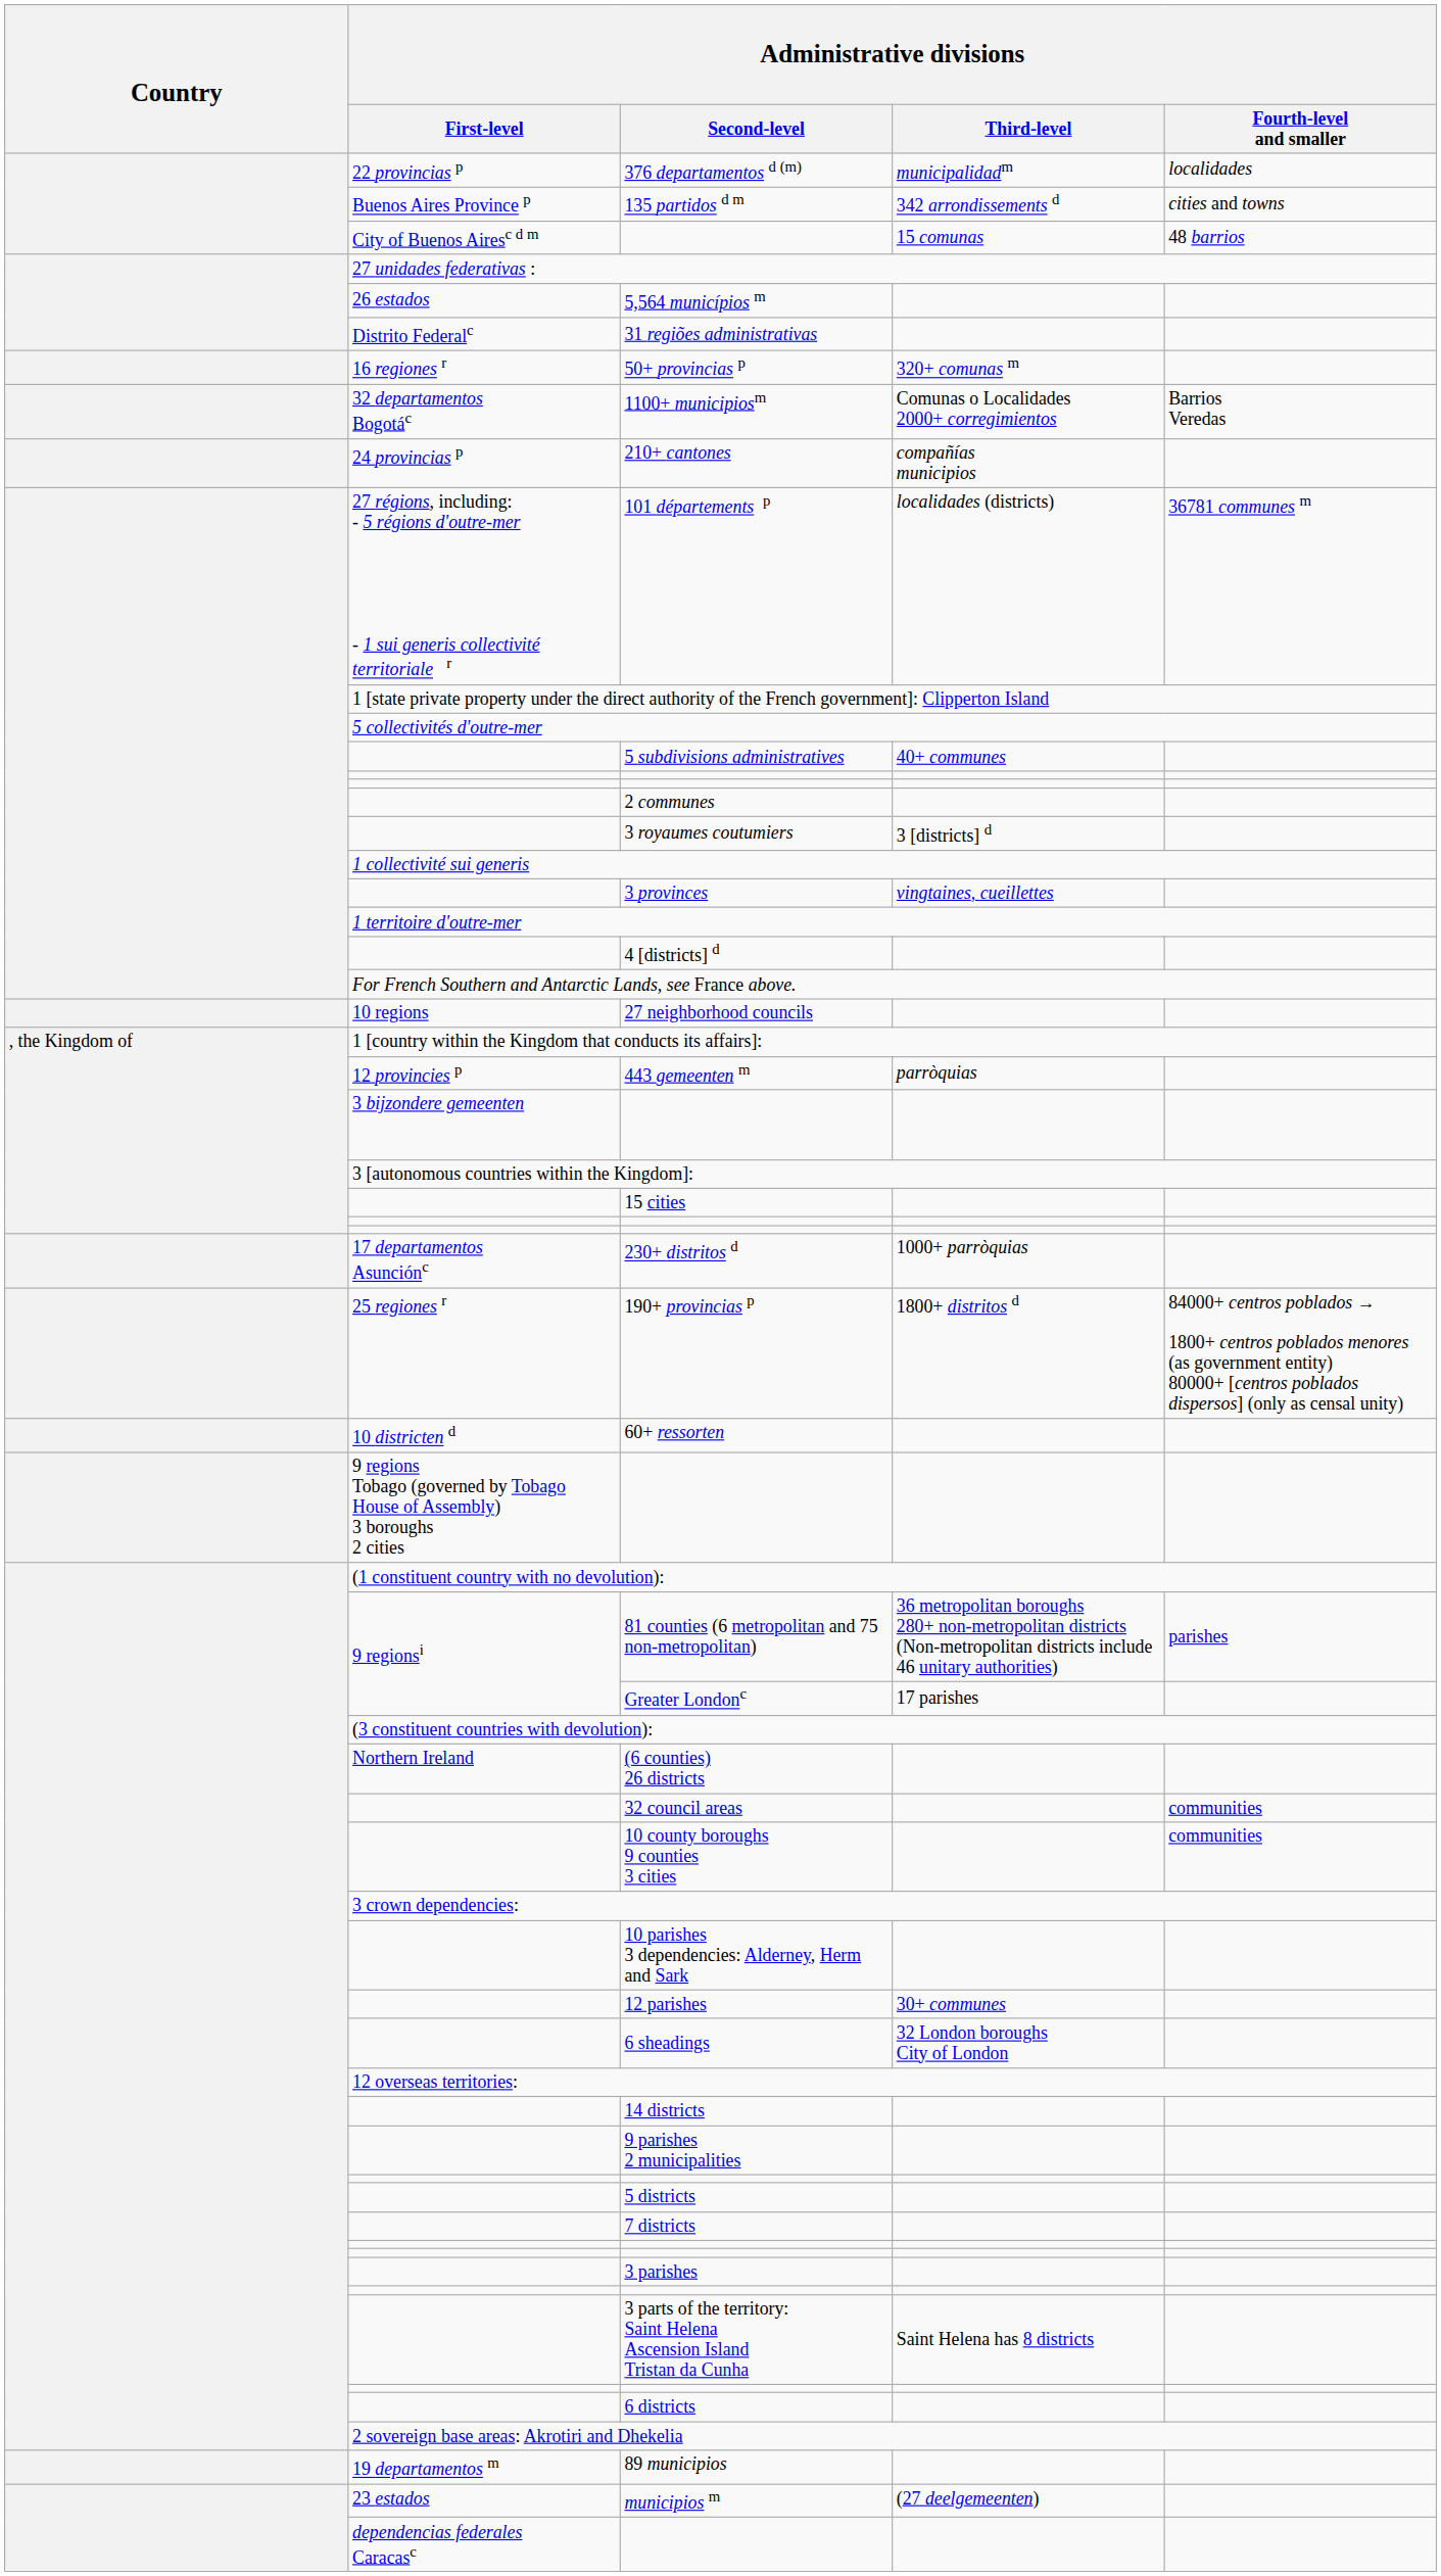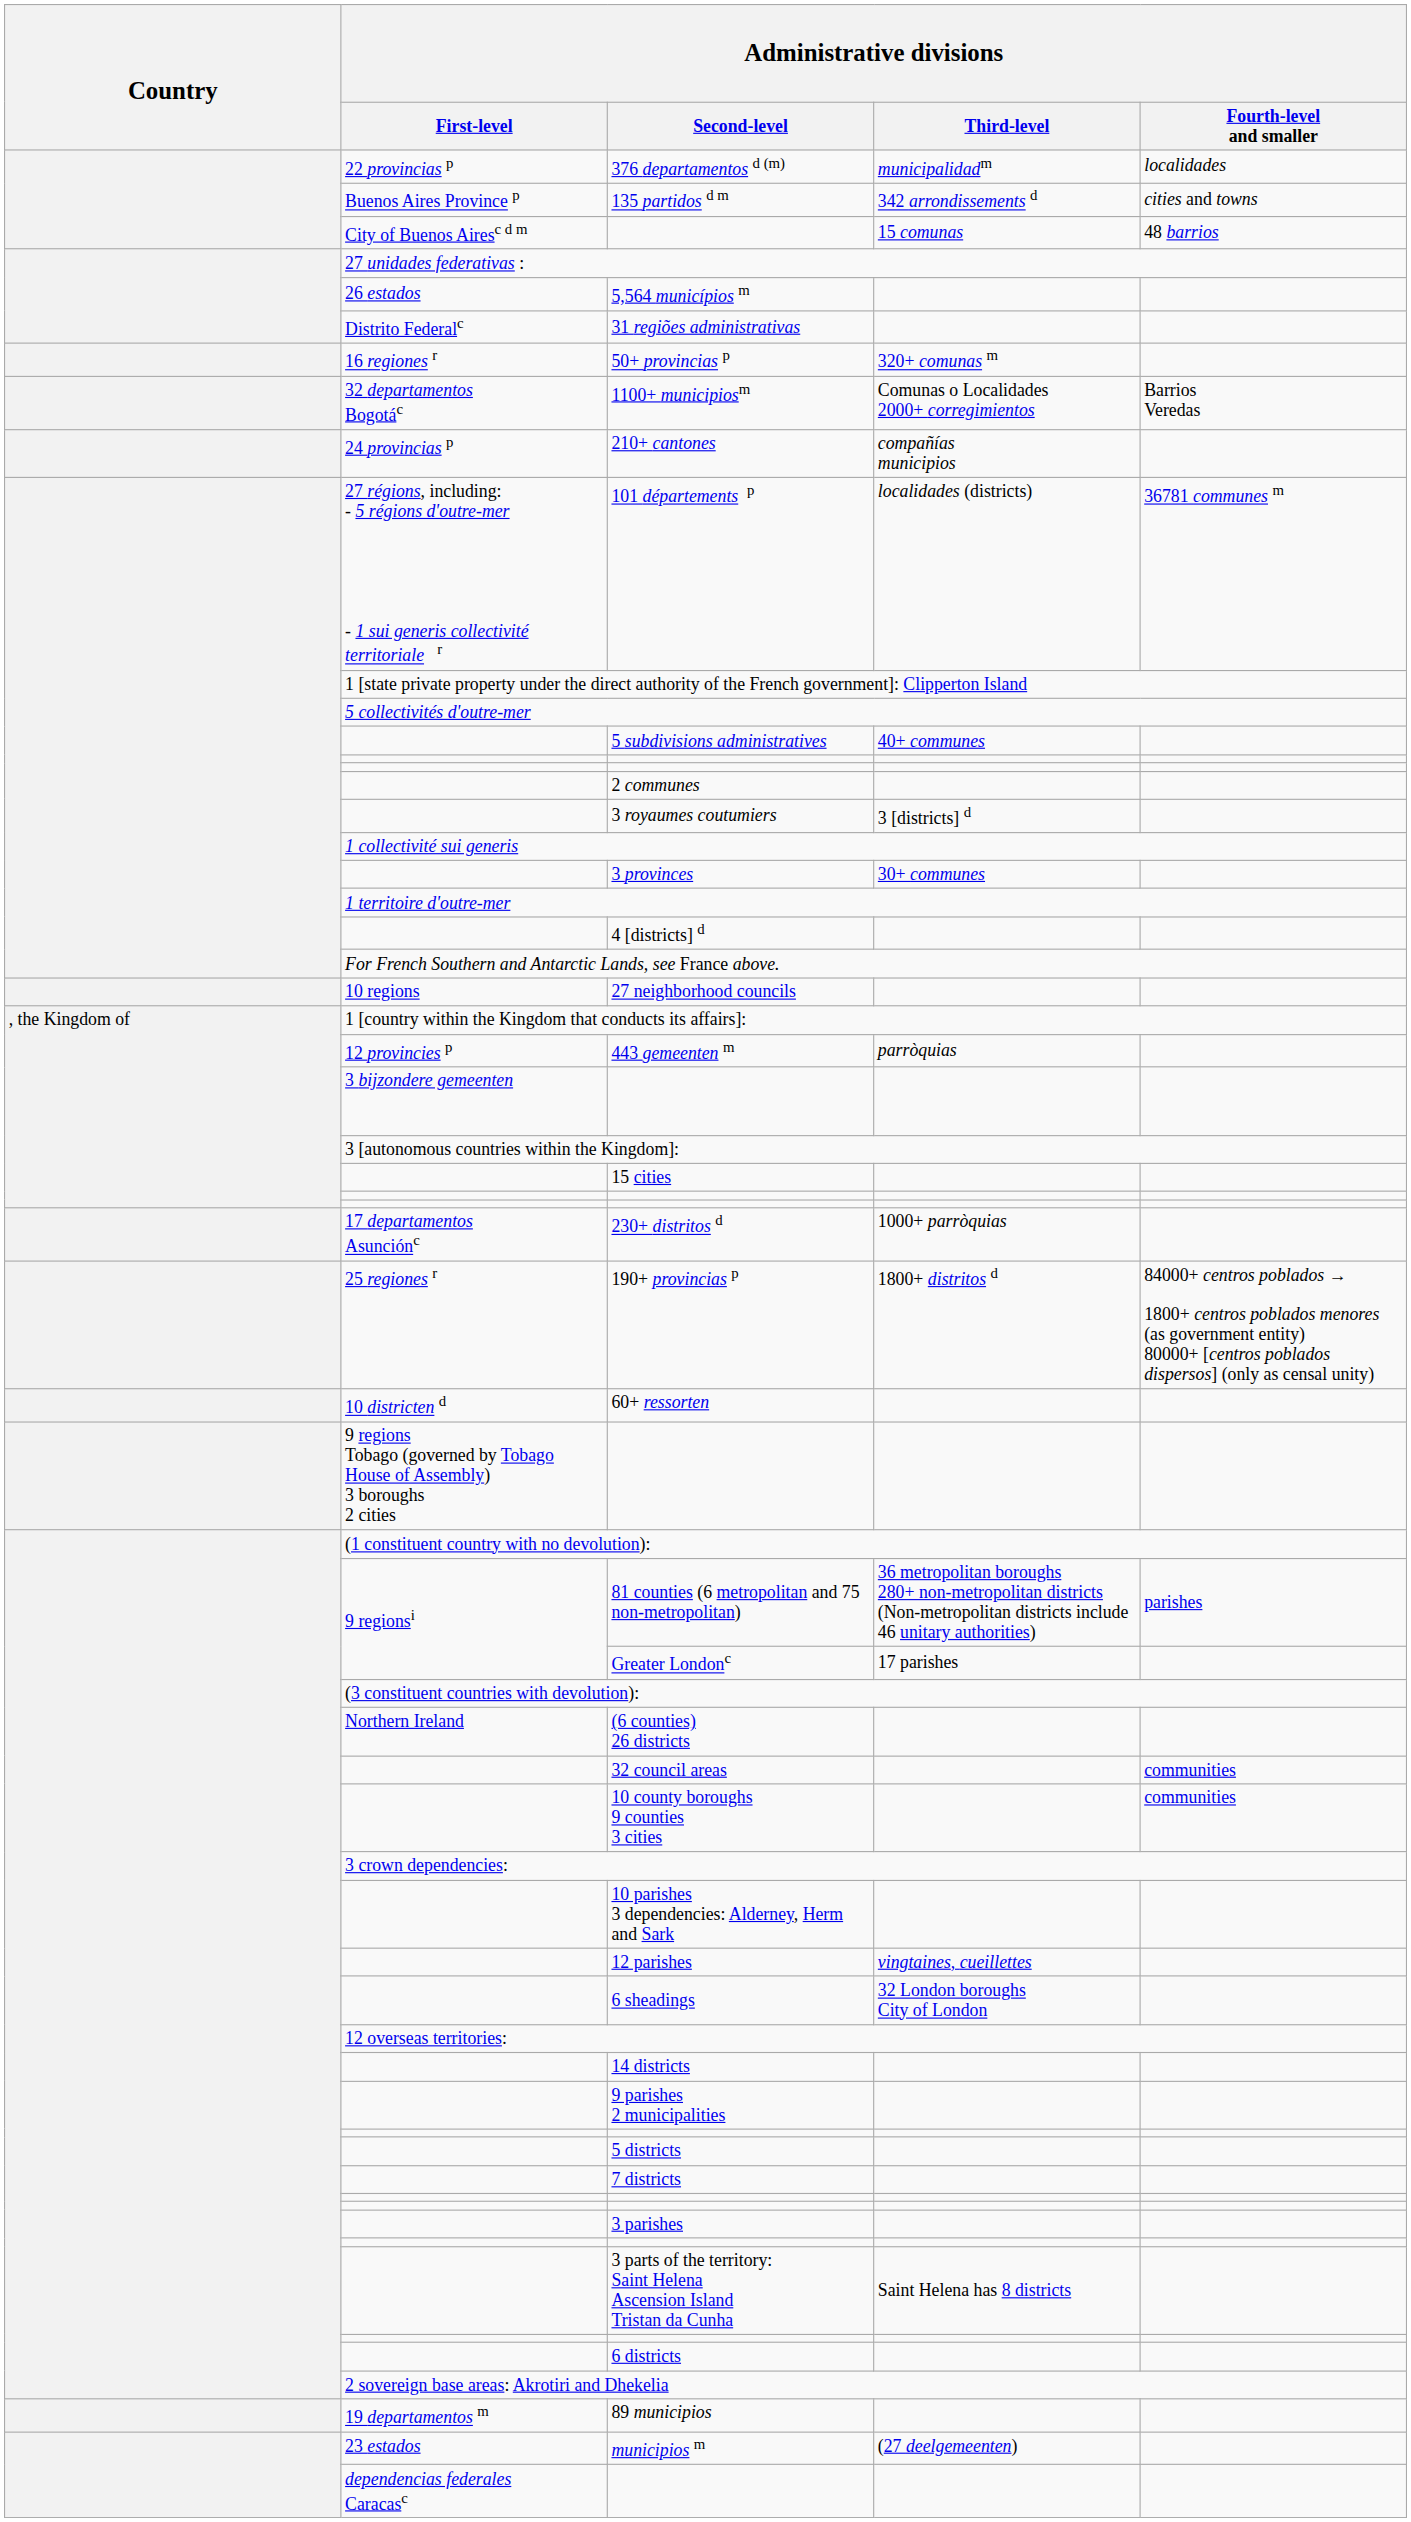 <table style="width:100%;" class="wikitable">
 <tr>
 <th rowspan="2" style="width:24%; font-size:140%;"><br>Country</th>
 <th colspan="4" style="font-size:140%;"><br>Administrative divisions<br> </th>
 </tr>
 <tr>
 <th style="width:19%;"><a href='#'>First-level</a></th>
 <th style="width:19%;"><a href='#'>Second-level</a></th>
 <th style="width:19%;"><a href='#'>Third-level</a></th>
 <th style="width:19%;"><a href='#'>Fourth-level</a><br>and smaller</th>
 </tr>
 <tr valign= "top">
 <td rowspan="3" style="background:#f2f2f2;"></td>
 <td><a href='#'>22 <em>provincias</em></a> <sup>p</sup></td>
 <td><a href='#'>376 <em>departamentos</em></a> <sup>d (m)</sup></td>
 <td><a href='#'><em>municipalidad</em></a><sup>m</sup></td>
 <td><em>localidades</em></td>
 </tr>
 <tr>
 <td><a href='#'>Buenos Aires Province</a> <sup>p</sup></td>
 <td><a href='#'>135 <em>partidos</em></a> <sup>d m</sup></td>
 <td><a href='#'>342 <em>arrondissements</em></a> <sup>d</sup><br></td>
 <td><em>cities</em> and <em>towns</em></td>
 </tr>
 <tr>
 <td><a href='#'>City of Buenos Aires</a><sup>c d m</sup></td>
 <td></td>
 <td><a href='#'>15 <em>comunas</em></a> </td>
 <td>48 <em><a href='#'>barrios</a></em> </td>
 </tr>
 <tr valign="top">
 <td rowspan="3" style="background:#f2f2f2;"></td>
 <td colspan= "4"><a href='#'>27 <em>unidades federativas</em></a> :</td>
 </tr>
 <tr>
 <td><a href='#'>26 <em>estados</em></a> </td>
 <td><a href='#'>5,564 <em>municípios</em></a> <sup>m</sup></td>
 <td></td>
 <td></td>
 </tr>
 <tr>
 <td><a href='#'>Distrito Federal</a><sup>c</sup></td>
 <td><a href='#'>31 <em>regiões administrativas</em></a> </td>
 <td></td>
 <td></td>
 </tr>
 <tr valign= "top">
 <td style="background:#f2f2f2;"></td>
 <td><a href='#'>16 <em>regiones</em></a> <sup>r</sup></td>
 <td><a href='#'>50+ <em>provincias</em></a> <sup>p</sup></td>
 <td><a href='#'>320+ <em>comunas</em></a> <sup>m</sup></td>
 <td></td>
 </tr>
 <tr valign="top">
 <td style= "background:#f2f2f2;"></td>
 <td><a href='#'>32 <em>departamentos</em></a> <br><a href='#'>Bogotá</a><sup>c</sup></td>
 <td><a href='#'>1100+ <em>municipios</em></a><sup>m</sup></td>
 <td>Comunas o Localidades <br><a href='#'>2000+ <em>corregimientos</em></a></td>
 <td>Barrios <br>Veredas</td>
 </tr>
 <tr valign="top">
 <td style= "background:#f2f2f2;"></td>
 <td><a href='#'>24 <em>provincias</em></a> <sup>p</sup></td>
 <td><a href='#'>210+ <em>cantones</em></a> </td>
 <td><em>compañías</em><br><em>municipios</em></td>
 <td></td>
 </tr>
 <tr valign= "top">
 <td rowspan="13" style="background:#f2f2f2;"></td>
 <td><a href='#'>27 <em>régions</em></a>, including:<br>- <em><a href='#'>5 régions d'outre-mer</a></em><br> <br> <br> <br> <br> <br> - <em><a href='#'>1 sui generis collectivité territoriale</a></em>   <sup>r</sup><br></td>
 <td><a href='#'>101 <em>départements</em></a>  <sup>p</sup><br></td>
 <td><em>localidades</em> (districts)</td>
 <td><a href='#'>36781 <em>communes</em></a> <sup>m</sup><br></td>
 </tr>
 <tr>
 <td colspan= "4">1 [state private property under the direct authority of the French government]: <a href='#'>Clipperton Island</a></td>
 </tr>
 <tr>
 <td colspan= "4"><em><a href='#'>5 collectivités d'outre-mer</a></em></td>
 </tr>
 <tr>
 <td></td>
 <td><a href='#'>5 <em>subdivisions administratives</em></a></td>
 <td><a href='#'>40+ <em>communes</em></a></td>
 <td></td>
 </tr>
 <tr>
 <td></td>
 <td></td>
 <td></td>
 <td></td>
 </tr>
 <tr>
 <td></td>
 <td></td>
 <td></td>
 <td></td>
 </tr>
 <tr>
 <td></td>
 <td>2 <em>communes</em></td>
 <td></td>
 <td></td>
 </tr>
 <tr>
 <td></td>
 <td>3 <em>royaumes coutumiers</em> </td>
 <td>3 [districts] <sup>d</sup></td>
 <td></td>
 </tr>
 <tr>
 <td colspan= "4"><em><a href='#'>1 collectivité sui generis</a></em></td>
 </tr>
 <tr>
 <td></td>
 <td><a href='#'>3 <em>provinces</em></a></td>
-<td><a href='#'><em>vingtaines</em>, <em>cueillettes</em></a></td>
+<td><a href='#'>30+ <em>communes</em></a></td>
 <td></td>
 </tr>
 <tr>
 <td colspan= "4"><em><a href='#'>1 territoire d'outre-mer</a></em></td>
 </tr>
 <tr>
 <td></td>
 <td>4 [districts] <sup>d</sup></td>
 <td></td>
 <td></td>
 </tr>
 <tr valign= "top">
 <td colspan="4"><em>For French Southern and Antarctic Lands, see </em>France<em> above.</em></td>
 </tr>
 <tr valign= "top">
 <td style="background:#f2f2f2;"></td>
 <td><a href='#'>10 regions</a></td>
 <td><a href='#'>27 neighborhood councils</a></td>
 <td></td>
 <td></td>
 </tr>
 <tr valign="top">
 <td rowspan="7" style="background:#f2f2f2;">, the Kingdom of</td>
 <td colspan= "4">1 [country within the Kingdom that conducts its affairs]:<br></td>
 </tr>
 <tr>
 <td><a href='#'>12 <em>provincies</em></a> <sup>p</sup></td>
 <td><a href='#'>443 <em>gemeenten</em></a> <sup>m</sup></td>
 <td><em>parròquias</em></td>
 <td></td>
 </tr>
 <tr>
 <td><a href='#'>3 <em>bijzondere gemeenten</em></a><br> <br> <br> </td>
 <td></td>
 <td></td>
 <td></td>
 </tr>
 <tr>
 <td colspan= "4">3 [autonomous countries within the Kingdom]:</td>
 </tr>
 <tr>
 <td></td>
 <td>15 <a href='#'>cities</a></td>
 <td></td>
 <td></td>
 </tr>
 <tr>
 <td></td>
 <td></td>
 <td></td>
 <td></td>
 </tr>
 <tr>
 <td></td>
 <td></td>
 <td></td>
 <td></td>
 </tr>
 <tr valign="top">
 <td style= "background:#f2f2f2;"></td>
 <td><a href='#'>17 <em>departamentos</em></a> <br><a href='#'>Asunción</a><sup>c</sup></td>
 <td><a href='#'>230+ <em>distritos</em></a> <sup>d</sup></td>
 <td>1000+ <em>parròquias</em></td>
 <td></td>
 </tr>
 <tr valign= "top">
 <td style="background:#f2f2f2;"></td>
 <td><a href='#'>25 <em>regiones</em></a> <sup>r</sup></td>
 <td>190+ <em><a href='#'>provincias</a></em> <sup>p</sup></td>
 <td>1800+ <em><a href='#'>distritos</a></em> <sup>d</sup></td>
 <td>84000+ <em>centros poblados</em> →<br><br>1800+ <em>centros poblados menores</em> (as government entity)<br>80000+ [<em>centros poblados dispersos</em>] (only as censal unity)</td>
 </tr>
 <tr valign="top">
 <td style= "background:#f2f2f2;"></td>
 <td><a href='#'>10 <em>districten</em></a> <sup>d</sup></td>
 <td>60+ <em><a href='#'>ressorten</a></em> </td>
 <td></td>
 <td></td>
 </tr>
 <tr valign= "top">
 <td style="background:#f2f2f2;"></td>
 <td>9 <a href='#'>regions</a><br>Tobago (governed by <a href='#'>Tobago House of Assembly</a>)<br>3 boroughs<br>2 cities</td>
 <td></td>
 <td></td>
 <td></td>
 </tr>
 <tr valign= "top">
 <td rowspan="25" style="background:#f2f2f2;"></td>
 <td colspan= "4">(<a href='#'>1 constituent country with no devolution</a>):<br></td>
 </tr>
 <tr>
 <td rowspan="2"><a href='#'>9 regions</a><sup>i</sup></td>
 <td><a href='#'>81 counties</a> (6 <a href='#'>metropolitan</a> and 75 <a href='#'>non-metropolitan</a>)</td>
 <td><a href='#'>36 metropolitan boroughs</a><br><a href='#'>280+ non-metropolitan districts</a><br>(Non-metropolitan districts include 46 <a href='#'>unitary authorities</a>)</td>
 <td><a href='#'>parishes</a></td>
 </tr>
 <tr>
 <td><a href='#'>Greater London</a><sup>c</sup></td>
 <td>17 parishes</td>
 <td></td>
 </tr>
 <tr>
 <td colspan= "4">(<a href='#'>3 constituent countries with devolution</a>):</td>
 </tr>
 <tr valign="top">
 <td> <a href='#'>Northern Ireland</a></td>
 <td><a href='#'>(6 counties)</a><br><a href='#'>26 districts</a></td>
 <td></td>
 <td></td>
 </tr>
 <tr valign= "top">
 <td></td>
 <td><a href='#'>32 council areas</a></td>
 <td></td>
 <td><a href='#'>communities</a></td>
 </tr>
 <tr valign="top">
 <td></td>
 <td><a href='#'>10 county boroughs<br>9 counties<br>3 cities</a></td>
 <td></td>
 <td><a href='#'>communities</a></td>
 </tr>
 <tr>
 <td colspan= "4"><a href='#'>3 crown dependencies</a>:</td>
 </tr>
 <tr>
 <td></td>
 <td><a href='#'>10 parishes</a><br>3 dependencies: <a href='#'>Alderney</a>, <a href='#'>Herm</a> and <a href='#'>Sark</a></td>
 <td></td>
 <td></td>
 </tr>
 <tr>
 <td></td>
 <td><a href='#'>12 parishes</a></td>
-<td><a href='#'>30+ <em>communes</em></a></td>
+<td><a href='#'><em>vingtaines</em>, <em>cueillettes</em></a></td>
 <td></td>
 </tr>
 <tr>
 <td></td>
 <td><a href='#'>6 sheadings</a></td>
 <td><a href='#'>32 London boroughs</a><br><a href='#'>City of London</a></td>
 <td></td>
 </tr>
 <tr>
 <td colspan= "4"><a href='#'>12 overseas territories</a>:</td>
 </tr>
 <tr>
 <td></td>
 <td><a href='#'>14 districts</a></td>
 <td></td>
 <td></td>
 </tr>
 <tr>
 <td></td>
 <td><a href='#'>9 parishes<br>2 municipalities</a></td>
 <td></td>
 <td></td>
 </tr>
 <tr>
 <td></td>
 <td></td>
 <td></td>
 <td></td>
 </tr>
 <tr>
 <td></td>
 <td><a href='#'>5 districts</a></td>
 <td></td>
 <td></td>
 </tr>
 <tr>
 <td></td>
 <td><a href='#'>7 districts</a></td>
 <td></td>
 <td></td>
 </tr>
 <tr>
 <td></td>
 <td></td>
 <td></td>
 <td></td>
 </tr>
 <tr>
 <td></td>
 <td></td>
 <td></td>
 <td></td>
 </tr>
 <tr>
 <td></td>
 <td><a href='#'>3 parishes</a></td>
 <td></td>
 <td></td>
 </tr>
 <tr>
 <td></td>
 <td></td>
 <td></td>
 <td></td>
 </tr>
 <tr>
 <td></td>
 <td>3 parts of the territory:<br><a href='#'>Saint Helena</a><br> <a href='#'>Ascension Island</a><br> <a href='#'>Tristan da Cunha</a></td>
 <td>Saint Helena has <a href='#'>8 districts</a></td>
 <td></td>
 </tr>
 <tr>
 <td></td>
 <td></td>
 <td></td>
 <td></td>
 </tr>
 <tr>
 <td></td>
 <td><a href='#'>6 districts</a></td>
 <td></td>
 <td></td>
 </tr>
 <tr>
 <td colspan= "4"><a href='#'>2 sovereign base areas</a>: <a href='#'>Akrotiri and Dhekelia</a></td>
 </tr>
 <tr valign= "top">
 <td style="background:#f2f2f2;"></td>
 <td><a href='#'>19 <em>departamentos</em></a> <sup>m</sup></td>
 <td>89 <em>municipios</em></td>
 <td></td>
 <td></td>
 </tr>
 <tr valign="top">
 <td rowspan="2" style="background:#f2f2f2;"></td>
 <td><a href='#'>23 <em>estados</em></a> </td>
 <td><em><a href='#'>municipios</a></em> <sup>m</sup></td>
 <td>(<a href='#'>27 <em>deelgemeenten</em></a>)</td>
 <td></td>
 </tr>
 <tr>
 <td><a href='#'><em>dependencias federales</em></a> <br><a href='#'>Caracas</a><sup>c</sup></td>
 <td></td>
 <td></td>
 <td></td>
 </tr>
 </table>
